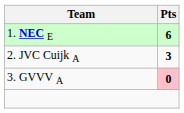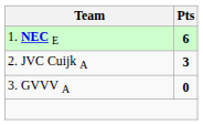 <table class="wikitable" style="text-align:center; float:left; margin-right:1em">
 <tr>
 <th style="width:200px">Team</th>
 <th width=20>Pts</th>
 </tr>
 <tr bgcolor=ccffcc>
 <td align=left>1. <strong><a href='#'>NEC</a></strong> <sub>E</sub></td>
 <td><strong>6</strong></td>
 </tr>
 <tr>
 <td align=left>2. JVC Cuijk <sub>A</sub></td>
 <td><strong>3</strong></td>
 </tr>
 <tr>
 <td align=left>3. GVVV <sub>A</sub></td>
-<td style="background: pink;"><strong>0</strong></td>
+<td><strong>0</strong></td>
 </tr>
 <tr>
 <td colspan=2> </td>
 </tr>
 </table>
